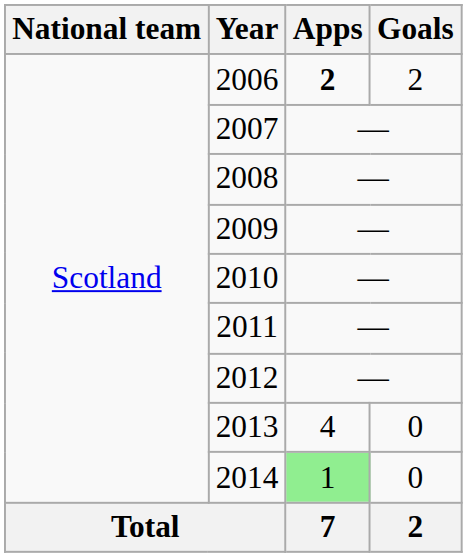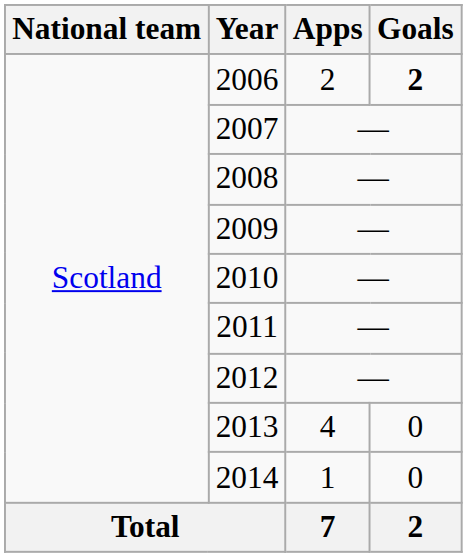 <table class="wikitable" style="text-align: center">
 <tr>
 <th>National team</th>
 <th>Year</th>
 <th>Apps</th>
 <th>Goals</th>
 </tr>
 <tr>
 <td rowspan="9"><a href='#'>Scotland</a></td>
 <td>2006</td>
+<td>2</td>
 <td><strong>2</strong></td>
-<td>2</td>
 </tr>
 <tr>
 <td>2007</td>
 <td colspan=2>—</td>
 </tr>
 <tr>
 <td>2008</td>
 <td colspan=2>—</td>
 </tr>
 <tr>
 <td>2009</td>
 <td colspan=2>—</td>
 </tr>
 <tr>
 <td>2010</td>
 <td colspan=2>—</td>
 </tr>
 <tr>
 <td>2011</td>
 <td colspan=2>—</td>
 </tr>
 <tr>
 <td>2012</td>
 <td colspan=2>—</td>
 </tr>
 <tr>
 <td>2013</td>
 <td>4</td>
 <td>0</td>
 </tr>
 <tr>
 <td>2014</td>
-<td style="background: lightgreen;">1</td>
+<td>1</td>
 <td>0</td>
 </tr>
 <tr>
 <th colspan="2">Total</th>
 <th>7</th>
 <th>2</th>
 </tr>
 </table>
